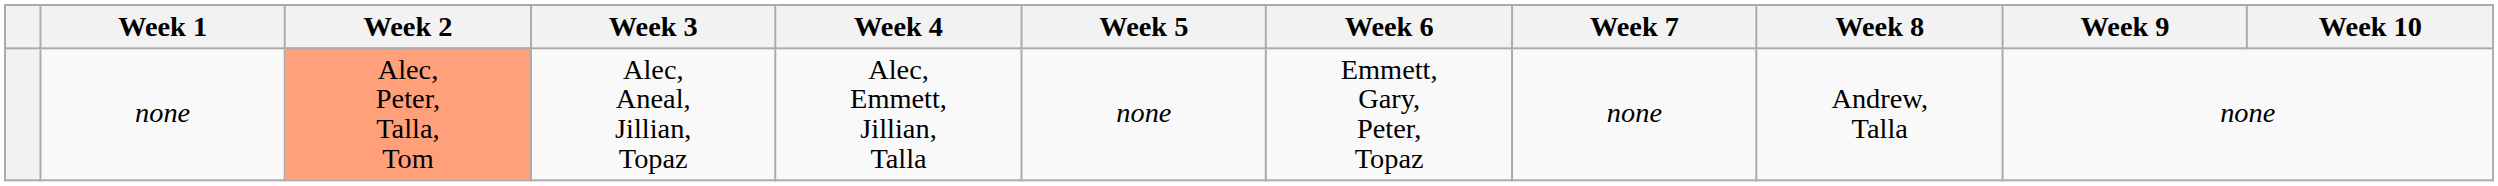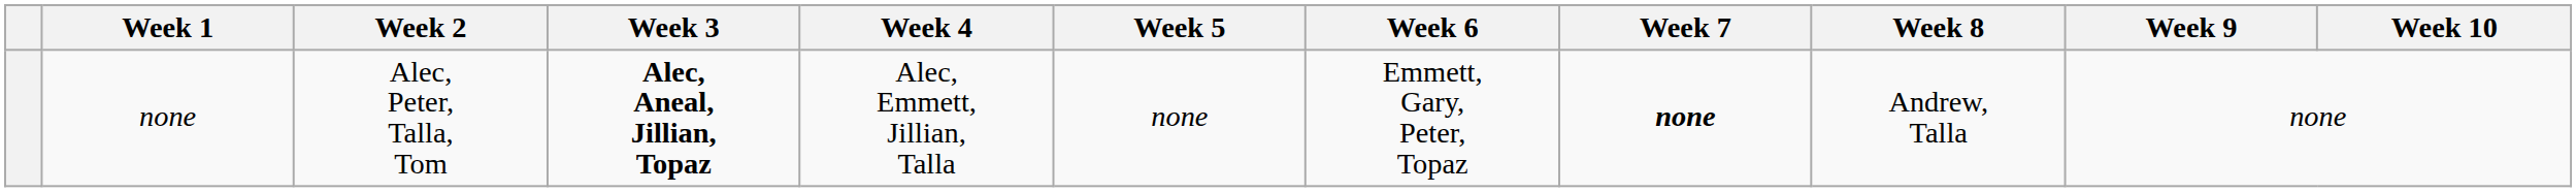 <table class="wikitable" style="text-align:center; font-size:90%; width:100%; line-height:15px;">
 <tr>
 <th style="width:1%"></th>
 <th style="width:7%">Week 1</th>
 <th style="width:7%">Week 2</th>
 <th style="width:7%">Week 3</th>
 <th style="width:7%">Week 4</th>
 <th style="width:7%">Week 5</th>
 <th style="width:7%">Week 6</th>
 <th style="width:7%">Week 7</th>
 <th style="width:7%">Week 8</th>
 <th style="width:7%">Week 9</th>
 <th style="width:7%">Week 10</th>
 </tr>
 <tr>
 <th></th>
 <td><em>none</em></td>
-<td style="background: lightsalmon;">Alec,<br>Peter,<br>Talla,<br>Tom</td>
-<td>Alec,<br>Aneal,<br>Jillian,<br>Topaz</td>
+<td>Alec,<br>Peter,<br>Talla,<br>Tom</td>
+<td><strong>Alec,<br>Aneal,<br>Jillian,<br>Topaz</strong></td>
 <td>Alec,<br>Emmett,<br>Jillian,<br>Talla</td>
 <td><em>none</em></td>
 <td>Emmett, <br>Gary,<br>Peter,<br>Topaz</td>
-<td><em>none</em></td>
+<td><strong><em>none</em></strong></td>
 <td>Andrew,<br> Talla</td>
 <td colspan="2"><em>none</em></td>
 </tr>
 </table>
